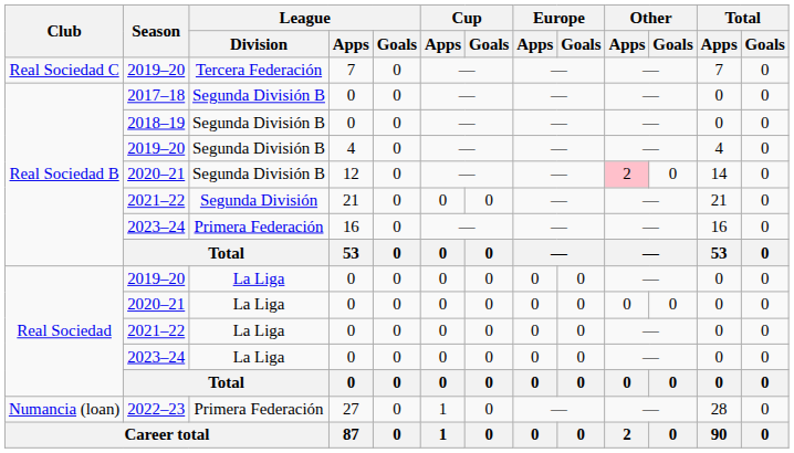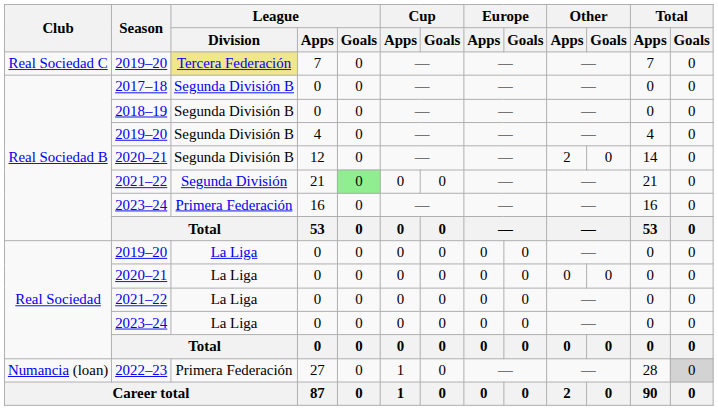 <table class="wikitable" style="text-align:center">
 <tr>
 <th rowspan="2">Club</th>
 <th rowspan="2">Season</th>
 <th colspan="3">League</th>
 <th colspan="2">Cup</th>
 <th colspan="2">Europe</th>
 <th colspan="2">Other</th>
 <th colspan="2">Total</th>
 </tr>
 <tr>
 <th>Division</th>
 <th>Apps</th>
 <th>Goals</th>
 <th>Apps</th>
 <th>Goals</th>
 <th>Apps</th>
 <th>Goals</th>
 <th>Apps</th>
 <th>Goals</th>
 <th>Apps</th>
 <th>Goals</th>
 </tr>
 <tr>
 <td><a href='#'>Real Sociedad C</a></td>
 <td><a href='#'>2019–20</a></td>
-<td><a href='#'>Tercera Federación</a></td>
+<td style="background: khaki;"><a href='#'>Tercera Federación</a></td>
 <td>7</td>
 <td>0</td>
 <td colspan="2">—</td>
 <td colspan="2">—</td>
 <td colspan="2">—</td>
 <td>7</td>
 <td>0</td>
 </tr>
 <tr>
 <td rowspan="7"><a href='#'>Real Sociedad B</a></td>
 <td><a href='#'>2017–18</a></td>
 <td><a href='#'>Segunda División B</a></td>
 <td>0</td>
 <td>0</td>
 <td colspan="2">—</td>
 <td colspan="2">—</td>
 <td colspan="2">—</td>
 <td>0</td>
 <td>0</td>
 </tr>
 <tr>
 <td><a href='#'>2018–19</a></td>
 <td>Segunda División B</td>
 <td>0</td>
 <td>0</td>
 <td colspan="2">—</td>
 <td colspan="2">—</td>
 <td colspan="2">—</td>
 <td>0</td>
 <td>0</td>
 </tr>
 <tr>
 <td><a href='#'>2019–20</a></td>
 <td>Segunda División B</td>
 <td>4</td>
 <td>0</td>
 <td colspan="2">—</td>
 <td colspan="2">—</td>
 <td colspan="2">—</td>
 <td>4</td>
 <td>0</td>
 </tr>
 <tr>
 <td><a href='#'>2020–21</a></td>
 <td>Segunda División B</td>
 <td>12</td>
 <td>0</td>
 <td colspan="2">—</td>
 <td colspan="2">—</td>
-<td style="background: pink;">2</td>
+<td>2</td>
 <td>0</td>
 <td>14</td>
 <td>0</td>
 </tr>
 <tr>
 <td><a href='#'>2021–22</a></td>
 <td><a href='#'>Segunda División</a></td>
 <td>21</td>
-<td>0</td>
+<td style="background: lightgreen;">0</td>
 <td>0</td>
 <td>0</td>
 <td colspan="2">—</td>
 <td colspan="2">—</td>
 <td>21</td>
 <td>0</td>
 </tr>
 <tr>
 <td><a href='#'>2023–24</a></td>
 <td><a href='#'>Primera Federación</a></td>
 <td>16</td>
 <td>0</td>
 <td colspan="2">—</td>
 <td colspan="2">—</td>
 <td colspan="2">—</td>
 <td>16</td>
 <td>0</td>
 </tr>
 <tr>
 <th colspan="2">Total</th>
 <th>53</th>
 <th>0</th>
 <th>0</th>
 <th>0</th>
 <th colspan="2">—</th>
 <th colspan="2">—</th>
 <th>53</th>
 <th>0</th>
 </tr>
 <tr>
 <td rowspan="5"><a href='#'>Real Sociedad</a></td>
 <td><a href='#'>2019–20</a></td>
 <td><a href='#'>La Liga</a></td>
 <td>0</td>
 <td>0</td>
 <td>0</td>
 <td>0</td>
 <td>0</td>
 <td>0</td>
 <td colspan="2">—</td>
 <td>0</td>
 <td>0</td>
 </tr>
 <tr>
 <td><a href='#'>2020–21</a></td>
 <td>La Liga</td>
 <td>0</td>
 <td>0</td>
 <td>0</td>
 <td>0</td>
 <td>0</td>
 <td>0</td>
 <td>0</td>
 <td>0</td>
 <td>0</td>
 <td>0</td>
 </tr>
 <tr>
 <td><a href='#'>2021–22</a></td>
 <td>La Liga</td>
 <td>0</td>
 <td>0</td>
 <td>0</td>
 <td>0</td>
 <td>0</td>
 <td>0</td>
 <td colspan="2">—</td>
 <td>0</td>
 <td>0</td>
 </tr>
 <tr>
 <td><a href='#'>2023–24</a></td>
 <td>La Liga</td>
 <td>0</td>
 <td>0</td>
 <td>0</td>
 <td>0</td>
 <td>0</td>
 <td>0</td>
 <td colspan="2">—</td>
 <td>0</td>
 <td>0</td>
 </tr>
 <tr>
 <th colspan="2">Total</th>
 <th>0</th>
 <th>0</th>
 <th>0</th>
 <th>0</th>
 <th>0</th>
 <th>0</th>
 <th>0</th>
 <th>0</th>
 <th>0</th>
 <th>0</th>
 </tr>
 <tr>
 <td><a href='#'>Numancia</a> (loan)</td>
 <td><a href='#'>2022–23</a></td>
 <td>Primera Federación</td>
 <td>27</td>
 <td>0</td>
 <td>1</td>
 <td>0</td>
 <td colspan="2">—</td>
 <td colspan="2">—</td>
 <td>28</td>
-<td>0</td>
+<td style="background: lightgrey;">0</td>
 </tr>
 <tr>
 <th colspan="3">Career total</th>
 <th>87</th>
 <th>0</th>
 <th>1</th>
 <th>0</th>
 <th>0</th>
 <th>0</th>
 <th>2</th>
 <th>0</th>
 <th>90</th>
 <th>0</th>
 </tr>
 </table>
